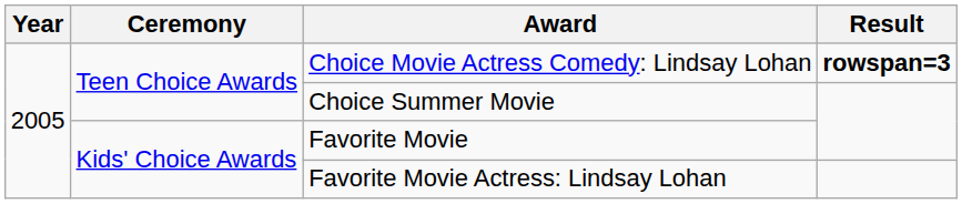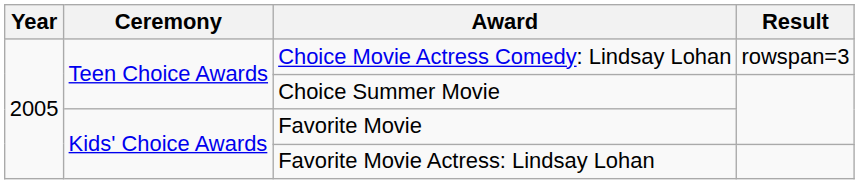 <table class="wikitable sortable" align:center>
 <tr>
 <th>Year</th>
 <th>Ceremony</th>
 <th>Award</th>
 <th>Result</th>
 </tr>
 <tr>
 <td rowspan=4>2005</td>
 <td rowspan=2><a href='#'>Teen Choice Awards</a></td>
 <td><a href='#'>Choice Movie Actress Comedy</a>: Lindsay Lohan</td>
-<td><strong>rowspan=3 </strong></td>
+<td>rowspan=3 </td>
 </tr>
 <tr>
 <td>Choice Summer Movie</td>
 </tr>
 <tr>
 <td rowspan=2><a href='#'>Kids' Choice Awards</a></td>
 <td>Favorite Movie</td>
 </tr>
 <tr>
 <td>Favorite Movie Actress: Lindsay Lohan</td>
 <td></td>
 </tr>
 </table>
